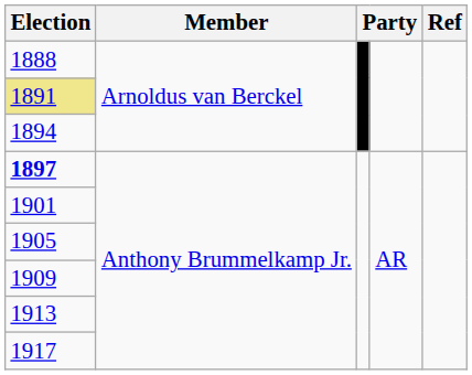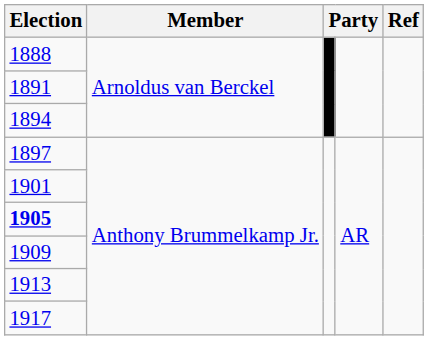 <table class="wikitable">
 <tr>
 <th scope="col">Election</th>
 <th scope="col">Member</th>
 <th scope="col" colspan="2">Party</th>
 <th scope="col">Ref</th>
 </tr>
 <tr>
 <td scope="row"><a href='#'>1888</a></td>
 <td scope="row" rowspan=3><a href='#'>Arnoldus van Berckel</a></td>
 <td scope="row" rowspan=3 style="background-color:black"></td>
 <td scope="row" rowspan=3></td>
 <td scope="row" rowspan=3></td>
 </tr>
 <tr>
-<td scope="row" style="background: khaki;"><a href='#'>1891</a></td>
+<td scope="row"><a href='#'>1891</a></td>
 </tr>
 <tr>
 <td scope="row"><a href='#'>1894</a></td>
 </tr>
 <tr>
-<td scope="row"><strong><a href='#'>1897</a></strong></td>
+<td scope="row"><a href='#'>1897</a></td>
 <td scope="row" rowspan=6><a href='#'>Anthony Brummelkamp Jr.</a></td>
 <td scope="row" rowspan=6 style="background-color:"></td>
 <td scope="row" rowspan=6><a href='#'>AR</a></td>
 <td scope="row" rowspan=6></td>
 </tr>
 <tr>
 <td scope="row"><a href='#'>1901</a></td>
 </tr>
 <tr>
-<td scope="row"><a href='#'>1905</a></td>
+<td scope="row"><strong><a href='#'>1905</a></strong></td>
 </tr>
 <tr>
 <td scope="row"><a href='#'>1909</a></td>
 </tr>
 <tr>
 <td scope="row"><a href='#'>1913</a></td>
 </tr>
 <tr>
 <td scope="row"><a href='#'>1917</a></td>
 </tr>
 </table>
